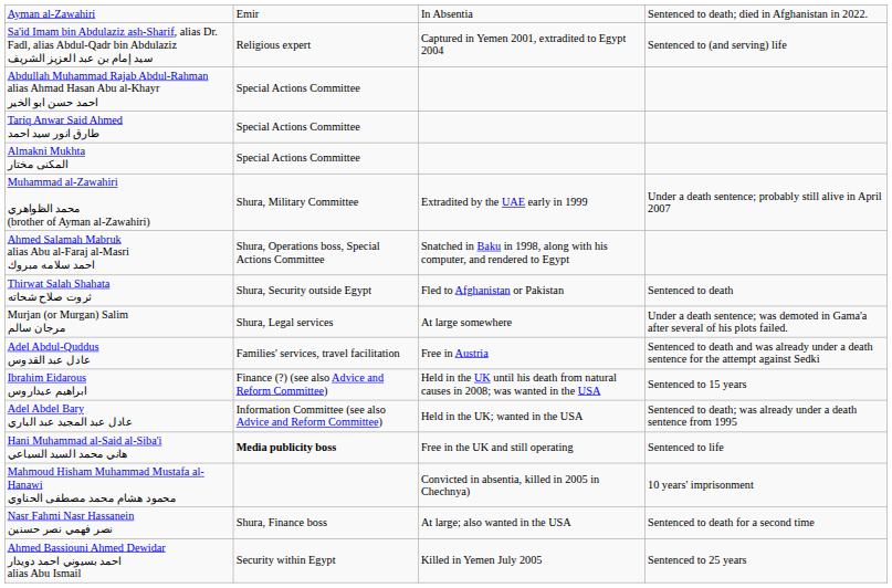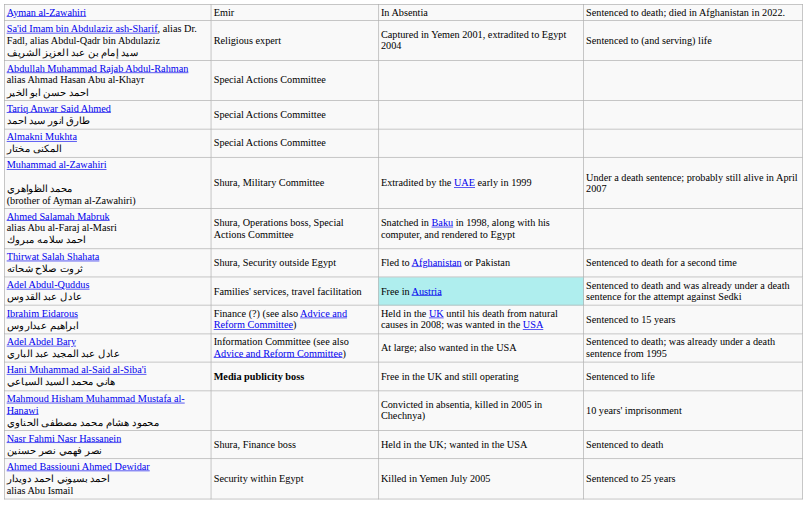 <table class="wikitable">
 <tr>
 <td><a href='#'>Ayman al-Zawahiri</a></td>
 <td>Emir</td>
 <td>In Absentia</td>
 <td>Sentenced to death; died in Afghanistan in 2022.</td>
 </tr>
 <tr>
 <td><a href='#'>Sa'id Imam bin Abdulaziz ash-Sharif</a>, alias Dr. Fadl, alias Abdul-Qadr bin Abdulaziz<br>سيد إمام بن عبد العزيز الشريف</td>
 <td>Religious expert</td>
 <td>Captured in Yemen 2001, extradited to Egypt 2004</td>
 <td>Sentenced to (and serving) life</td>
 </tr>
 <tr>
 <td><a href='#'>Abdullah Muhammad Rajab Abdul-Rahman</a><br>alias Ahmad Hasan Abu al-Khayr<br>احمد حسن ابو الخير</td>
 <td>Special Actions Committee</td>
 <td></td>
 <td></td>
 </tr>
 <tr>
 <td><a href='#'>Tariq Anwar Said Ahmed</a><br>طارق انور سيد احمد</td>
 <td>Special Actions Committee</td>
 <td></td>
 <td></td>
 </tr>
 <tr>
 <td><a href='#'>Almakni Mukhta</a><br>المكنى مختار</td>
 <td>Special Actions Committee</td>
 <td></td>
 <td></td>
 </tr>
 <tr>
 <td><a href='#'>Muhammad al-Zawahiri</a><br><br>محمد الظواهري <br>(brother of Ayman al-Zawahiri)</td>
 <td>Shura, Military Committee</td>
 <td>Extradited by the <a href='#'>UAE</a> early in 1999</td>
 <td>Under a death sentence; probably still alive in April 2007</td>
 </tr>
 <tr>
 <td><a href='#'>Ahmed Salamah Mabruk</a><br>alias Abu al-Faraj al-Masri<br>احمد سلامه مبروك</td>
 <td>Shura, Operations boss, Special Actions Committee</td>
 <td>Snatched in <a href='#'>Baku</a> in 1998, along with his computer, and rendered to Egypt</td>
 <td></td>
 </tr>
 <tr>
 <td><a href='#'>Thirwat Salah Shahata</a><br>ثروت صلاح شحاته</td>
 <td>Shura, Security outside Egypt</td>
 <td>Fled to <a href='#'>Afghanistan</a> or Pakistan</td>
-<td>Sentenced to death</td>
-</tr>
-<tr>
-<td>Murjan (or Murgan) Salim<br>مرجان سالم</td>
-<td>Shura, Legal services</td>
-<td>At large somewhere</td>
-<td>Under a death sentence; was demoted in Gama'a after several of his plots failed.</td>
+<td>Sentenced to death for a second time</td>
 </tr>
 <tr>
 <td><a href='#'>Adel Abdul-Quddus</a><br>عادل عبد القدوس</td>
 <td>Families' services, travel facilitation</td>
-<td>Free in <a href='#'>Austria</a></td>
+<td style="background: paleturquoise;">Free in <a href='#'>Austria</a></td>
 <td>Sentenced to death and was already under a death sentence for the attempt against Sedki</td>
 </tr>
 <tr>
 <td><a href='#'>Ibrahim Eidarous</a><br>ابراهيم عيداروس</td>
 <td>Finance (?) (see also <a href='#'>Advice and Reform Committee</a>)</td>
 <td>Held in the <a href='#'>UK</a> until his death from natural causes in 2008; was wanted in the <a href='#'>USA</a></td>
 <td>Sentenced to 15 years</td>
 </tr>
 <tr>
 <td><a href='#'>Adel Abdel Bary</a><br>عادل عبد المجيد عبد الباري</td>
 <td>Information Committee (see also <a href='#'>Advice and Reform Committee</a>)</td>
-<td>Held in the UK; wanted in the USA</td>
+<td>At large; also wanted in the USA</td>
 <td>Sentenced to death; was already under a death sentence from 1995</td>
 </tr>
 <tr>
 <td><a href='#'>Hani Muhammad al-Said al-Siba'i</a><br>هاني محمد السيد السياعي</td>
 <td><strong>Media publicity boss</strong></td>
 <td>Free in the UK and still operating</td>
 <td>Sentenced to life</td>
 </tr>
 <tr>
 <td><a href='#'>Mahmoud Hisham Muhammad Mustafa al-Hanawi</a><br>محمود هشام محمد مصطفى الحناوي</td>
 <td></td>
 <td>Convicted in absentia, killed in 2005 in Chechnya)</td>
 <td>10 years' imprisonment</td>
 </tr>
 <tr>
 <td><a href='#'>Nasr Fahmi Nasr Hassanein</a><br>نصر فهمي نصر حسنين</td>
 <td>Shura, Finance boss</td>
-<td>At large; also wanted in the USA</td>
-<td>Sentenced to death for a second time</td>
+<td>Held in the UK; wanted in the USA</td>
+<td>Sentenced to death</td>
 </tr>
 <tr>
 <td><a href='#'>Ahmed Bassiouni Ahmed Dewidar</a><br>احمد بسيوني احمد دويدار<br>alias Abu Ismail</td>
 <td>Security within Egypt</td>
 <td>Killed in Yemen July 2005</td>
 <td>Sentenced to 25 years</td>
 </tr>
 </table>
